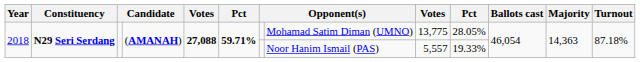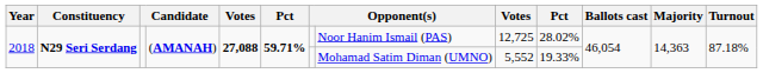 <table class="wikitable" style="margin:0.5em ; font-size:95%">
 <tr>
 <th>Year</th>
 <th>Constituency</th>
 <th colspan=2>Candidate</th>
 <th>Votes</th>
 <th>Pct</th>
 <th colspan=2>Opponent(s)</th>
 <th>Votes</th>
 <th>Pct</th>
 <th>Ballots cast</th>
 <th>Majority</th>
 <th>Turnout</th>
 </tr>
 <tr>
 <td rowspan="2"><a href='#'>2018</a></td>
 <td rowspan=2><strong>N29 <a href='#'>Seri Serdang</a></strong></td>
 <td rowspan="2" ></td>
 <td rowspan="2"> (<a href='#'><strong>AMANAH</strong></a>)</td>
 <td rowspan="2" align=right><strong>27,088</strong></td>
 <td rowspan="2"><strong>59.71%</strong></td>
 <td></td>
-<td><a href='#'>Mohamad Satim Diman</a> (<a href='#'>UMNO</a>)</td>
-<td align=right>13,775</td>
-<td>28.05%</td>
+<td><a href='#'>Noor Hanim Ismail</a> (<a href='#'>PAS</a>)</td>
+<td align=right>12,725</td>
+<td>28.02%</td>
 <td rowspan="2">46,054</td>
 <td rowspan="2">14,363</td>
 <td rowspan="2">87.18%</td>
 </tr>
 <tr>
 <td></td>
-<td><a href='#'>Noor Hanim Ismail</a> (<a href='#'>PAS</a>)</td>
-<td align=right>5,557</td>
+<td><a href='#'>Mohamad Satim Diman</a> (<a href='#'>UMNO</a>)</td>
+<td align=right>5,552</td>
 <td>19.33%</td>
 </tr>
 </table>
